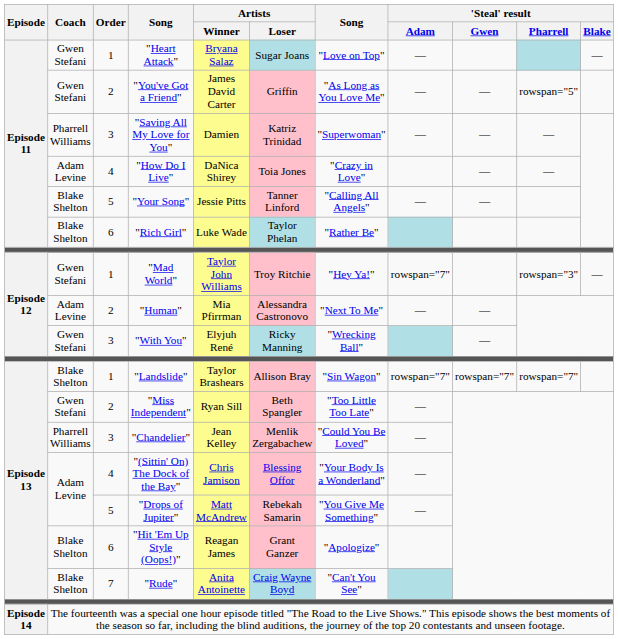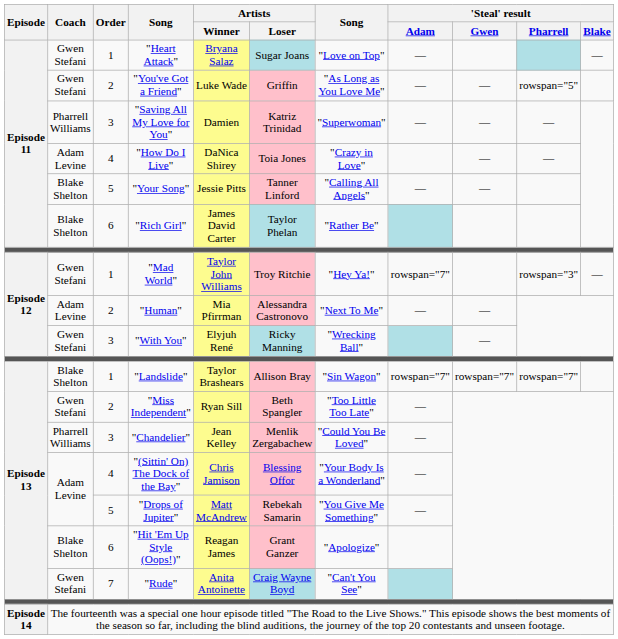 <table class="wikitable" style="text-align: center; width:100%;">
 <tr>
 <th rowspan="2" style="width:13%;">Episode</th>
 <th rowspan="2" style="width:15%;">Coach</th>
 <th rowspan="2" style="width:05%;">Order</th>
 <th rowspan="2" style="width:19%;">Song</th>
 <th colspan="2" style="width:22%;">Artists</th>
 <th rowspan="2" style="width:19%;">Song</th>
 <th colspan="4" style="width:20%;">'Steal' result</th>
 </tr>
 <tr>
 <th style="width:11%;">Winner</th>
 <th style="width:11%;">Loser</th>
 <th style="width:05%;"><a href='#'>Adam</a></th>
 <th style="width:05%;"><a href='#'>Gwen</a></th>
 <th style="width:05%;"><a href='#'>Pharrell</a></th>
 <th style="width:05%;"><a href='#'>Blake</a></th>
 </tr>
 <tr>
 <th rowspan="6">Episode 11<br><small></small></th>
 <td>Gwen Stefani</td>
 <td>1</td>
 <td>"<a href='#'>Heart Attack</a>"</td>
 <td style="background:#fdfc8f;"><a href='#'>Bryana Salaz</a></td>
 <td style="background:#B0E0E6;">Sugar Joans</td>
 <td>"<a href='#'>Love on Top</a>"</td>
 <td>—</td>
 <td></td>
 <td style="background:#B0E0E6;"><strong></strong></td>
 <td>—</td>
 </tr>
 <tr>
 <td>Gwen Stefani</td>
 <td>2</td>
 <td>"<a href='#'>You've Got a Friend</a>"</td>
-<td style="background:#fdfc8f;">James David Carter</td>
+<td style="background:#fdfc8f;">Luke Wade</td>
 <td style="background:pink;">Griffin</td>
 <td>"<a href='#'>As Long as You Love Me</a>"</td>
 <td>—</td>
 <td>—</td>
 <td>rowspan="5" </td>
 <td></td>
 </tr>
 <tr>
 <td>Pharrell Williams</td>
 <td>3</td>
 <td>"<a href='#'>Saving All My Love for You</a>"</td>
 <td style="background:#fdfc8f;">Damien</td>
 <td style="background:pink;">Katriz Trinidad</td>
 <td>"<a href='#'>Superwoman</a>"</td>
 <td>—</td>
 <td>—</td>
 <td>—</td>
 </tr>
 <tr>
 <td>Adam Levine</td>
 <td>4</td>
 <td>"<a href='#'>How Do I Live</a>"</td>
 <td style="background:#fdfc8f;">DaNica Shirey</td>
 <td style="background:pink;">Toia Jones</td>
 <td>"<a href='#'>Crazy in Love</a>"</td>
 <td></td>
 <td>—</td>
 <td>—</td>
 </tr>
 <tr>
 <td>Blake Shelton</td>
 <td>5</td>
 <td>"<a href='#'>Your Song</a>"</td>
 <td style="background:#fdfc8f;">Jessie Pitts</td>
 <td style="background:pink;">Tanner Linford</td>
 <td>"<a href='#'>Calling All Angels</a>"</td>
 <td>—</td>
 <td>—</td>
 <td></td>
 </tr>
 <tr>
 <td>Blake Shelton</td>
 <td>6</td>
 <td>"<a href='#'>Rich Girl</a>"</td>
-<td style="background:#fdfc8f;">Luke Wade</td>
+<td style="background:#fdfc8f;">James David Carter</td>
 <td style="background:#B0E0E6;">Taylor Phelan</td>
 <td>"<a href='#'>Rather Be</a>"</td>
 <td style="background:#B0E0E6;"><strong></strong></td>
 <td><strong></strong></td>
 <td><strong></strong></td>
 </tr>
 <tr>
 <td colspan="11" style="background:#555;"></td>
 </tr>
 <tr>
 <th rowspan="3">Episode 12<br><small></small></th>
 <td>Gwen Stefani</td>
 <td>1</td>
 <td>"<a href='#'>Mad World</a>"</td>
 <td style="background:#fdfc8f;"><a href='#'>Taylor John Williams</a></td>
 <td style="background:pink;">Troy Ritchie</td>
 <td>"<a href='#'>Hey Ya!</a>"</td>
 <td>rowspan="7" </td>
 <td></td>
 <td>rowspan="3" </td>
 <td>—</td>
 </tr>
 <tr>
 <td>Adam Levine</td>
 <td>2</td>
 <td>"<a href='#'>Human</a>"</td>
 <td style="background:#fdfc8f;">Mia Pfirrman</td>
 <td style="background:pink;">Alessandra Castronovo</td>
 <td>"<a href='#'>Next To Me</a>"</td>
 <td>—</td>
 <td>—</td>
 </tr>
 <tr>
 <td>Gwen Stefani</td>
 <td>3</td>
 <td>"<a href='#'>With You</a>"</td>
 <td style="background:#fdfc8f;">Elyjuh René</td>
 <td style="background:#B0E0E6;">Ricky Manning</td>
 <td>"<a href='#'>Wrecking Ball</a>"</td>
 <td style="background:#B0E0E6;"><strong></strong></td>
 <td>—</td>
 </tr>
 <tr>
 <td colspan="11" style="background:#555;"></td>
 </tr>
 <tr>
 <th rowspan="7">Episode 13<br><small></small></th>
 <td>Blake Shelton</td>
 <td>1</td>
 <td>"<a href='#'>Landslide</a>"</td>
 <td style="background:#fdfc8f;">Taylor Brashears</td>
 <td style="background:pink;">Allison Bray</td>
 <td>"<a href='#'>Sin Wagon</a>"</td>
 <td>rowspan="7" </td>
 <td>rowspan="7" </td>
 <td>rowspan="7" </td>
 <td></td>
 </tr>
 <tr>
 <td>Gwen Stefani</td>
 <td>2</td>
 <td>"<a href='#'>Miss Independent</a>"</td>
 <td style="background:#fdfc8f;">Ryan Sill</td>
 <td style="background:pink;">Beth Spangler</td>
 <td>"<a href='#'>Too Little Too Late</a>"</td>
 <td>—</td>
 </tr>
 <tr>
 <td>Pharrell Williams</td>
 <td>3</td>
 <td>"<a href='#'>Chandelier</a>"</td>
 <td style="background:#fdfc8f;">Jean Kelley</td>
 <td style="background:pink;">Menlik Zergabachew</td>
 <td>"<a href='#'>Could You Be Loved</a>"</td>
 <td>—</td>
 </tr>
 <tr>
 <td rowspan="2">Adam Levine</td>
 <td>4</td>
 <td>"<a href='#'>(Sittin' On) The Dock of the Bay</a>"</td>
 <td style="background:#fdfc8f;"><a href='#'>Chris Jamison</a></td>
 <td style="background:pink;"><a href='#'>Blessing Offor</a></td>
 <td>"<a href='#'>Your Body Is a Wonderland</a>"</td>
 <td>—</td>
 </tr>
 <tr>
 <td>5</td>
 <td>"<a href='#'>Drops of Jupiter</a>"</td>
 <td style="background:#fdfc8f;"><a href='#'>Matt McAndrew</a></td>
 <td style="background:pink;">Rebekah Samarin</td>
 <td>"<a href='#'>You Give Me Something</a>"</td>
 <td>—</td>
 </tr>
 <tr>
 <td>Blake Shelton</td>
 <td>6</td>
 <td>"<a href='#'>Hit 'Em Up Style (Oops!)</a>"</td>
 <td style="background:#fdfc8f;">Reagan James</td>
 <td style="background:pink;">Grant Ganzer</td>
 <td>"<a href='#'>Apologize</a>"</td>
 <td></td>
 </tr>
 <tr>
-<td>Blake Shelton</td>
+<td>Gwen Stefani</td>
 <td>7</td>
 <td>"<a href='#'>Rude</a>"</td>
 <td style="background:#fdfc8f;"><a href='#'>Anita Antoinette</a></td>
 <td style="background:#B0E0E6;"><a href='#'>Craig Wayne Boyd</a></td>
 <td>"<a href='#'>Can't You See</a>"</td>
 <td style="background:#B0E0E6;"><strong></strong></td>
 </tr>
 <tr>
 <td colspan="11" style="background:#555;"></td>
 </tr>
 <tr>
 <th>Episode 14<br><small></small></th>
 <td colspan="10">The fourteenth was a special one hour episode titled "The Road to the Live Shows." This episode shows the best moments of the season so far, including the blind auditions, the journey of the top 20 contestants and unseen footage.</td>
 </tr>
 </table>
